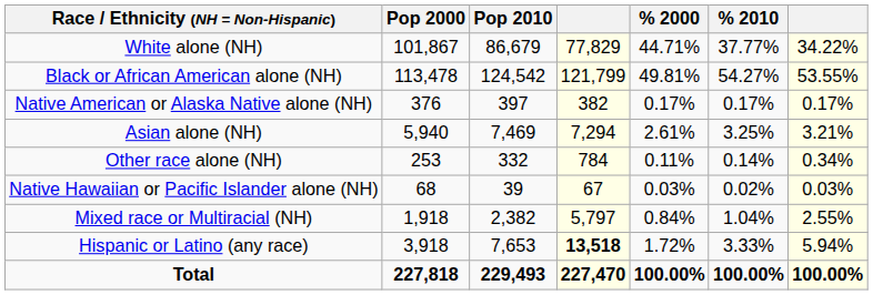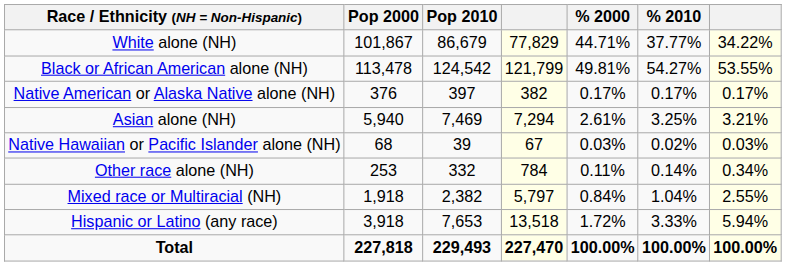 <table class="wikitable" style="text-align:center;">
 <tr>
 <th>Race / Ethnicity <small>(<em>NH = Non-Hispanic</em>)</small></th>
 <th>Pop 2000</th>
 <th>Pop 2010</th>
 <th></th>
 <th>% 2000</th>
 <th>% 2010</th>
 <th></th>
 </tr>
 <tr>
 <td><a href='#'>White</a> alone (NH)</td>
 <td>101,867</td>
 <td>86,679</td>
 <td style='background: #ffffe6;'>77,829</td>
 <td>44.71%</td>
 <td>37.77%</td>
 <td style='background: #ffffe6;'>34.22%</td>
 </tr>
 <tr>
 <td><a href='#'>Black or African American</a> alone (NH)</td>
 <td>113,478</td>
 <td>124,542</td>
 <td style='background: #ffffe6;'>121,799</td>
 <td>49.81%</td>
 <td>54.27%</td>
 <td style='background: #ffffe6;'>53.55%</td>
 </tr>
 <tr>
 <td><a href='#'>Native American</a> or <a href='#'>Alaska Native</a> alone (NH)</td>
 <td>376</td>
 <td>397</td>
 <td style='background: #ffffe6;'>382</td>
 <td>0.17%</td>
 <td>0.17%</td>
 <td style='background: #ffffe6;'>0.17%</td>
 </tr>
 <tr>
 <td><a href='#'>Asian</a> alone (NH)</td>
 <td>5,940</td>
 <td>7,469</td>
 <td style='background: #ffffe6;'>7,294</td>
 <td>2.61%</td>
 <td>3.25%</td>
 <td style='background: #ffffe6;'>3.21%</td>
 </tr>
 <tr>
+<td><a href='#'>Native Hawaiian</a> or <a href='#'>Pacific Islander</a> alone (NH)</td>
+<td>68</td>
+<td>39</td>
+<td style='background: #ffffe6;'>67</td>
+<td>0.03%</td>
+<td>0.02%</td>
+<td style='background: #ffffe6;'>0.03%</td>
+</tr>
+<tr>
 <td><a href='#'>Other race</a> alone (NH)</td>
 <td>253</td>
 <td>332</td>
 <td style='background: #ffffe6;'>784</td>
 <td>0.11%</td>
 <td>0.14%</td>
 <td style='background: #ffffe6;'>0.34%</td>
-</tr>
-<tr>
-<td><a href='#'>Native Hawaiian</a> or <a href='#'>Pacific Islander</a> alone (NH)</td>
-<td>68</td>
-<td>39</td>
-<td style='background: #ffffe6;'>67</td>
-<td>0.03%</td>
-<td>0.02%</td>
-<td style='background: #ffffe6;'>0.03%</td>
 </tr>
 <tr>
 <td><a href='#'>Mixed race or Multiracial</a> (NH)</td>
 <td>1,918</td>
 <td>2,382</td>
 <td style='background: #ffffe6;'>5,797</td>
 <td>0.84%</td>
 <td>1.04%</td>
 <td style='background: #ffffe6;'>2.55%</td>
 </tr>
 <tr>
 <td><a href='#'>Hispanic or Latino</a> (any race)</td>
 <td>3,918</td>
 <td>7,653</td>
-<td style='background: #ffffe6;'><strong>13,518</strong></td>
+<td style='background: #ffffe6;'>13,518</td>
 <td>1.72%</td>
 <td>3.33%</td>
 <td style='background: #ffffe6;'>5.94%</td>
 </tr>
 <tr>
 <td><strong>Total</strong></td>
 <td><strong>227,818</strong></td>
 <td><strong>229,493</strong></td>
 <td style='background: #ffffe6;'><strong>227,470</strong></td>
 <td><strong>100.00%</strong></td>
 <td><strong>100.00%</strong></td>
 <td style='background: #ffffe6;'><strong>100.00%</strong></td>
 </tr>
 </table>
